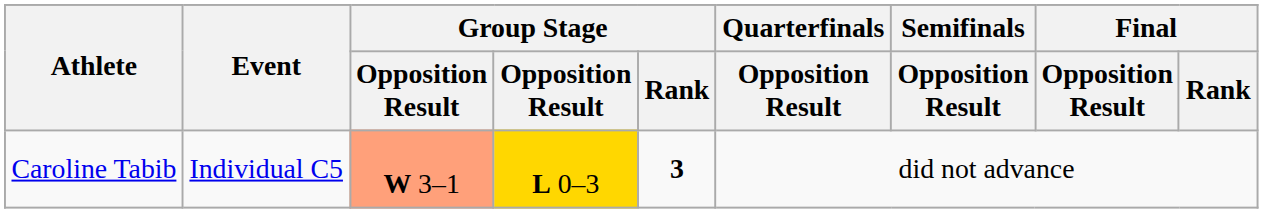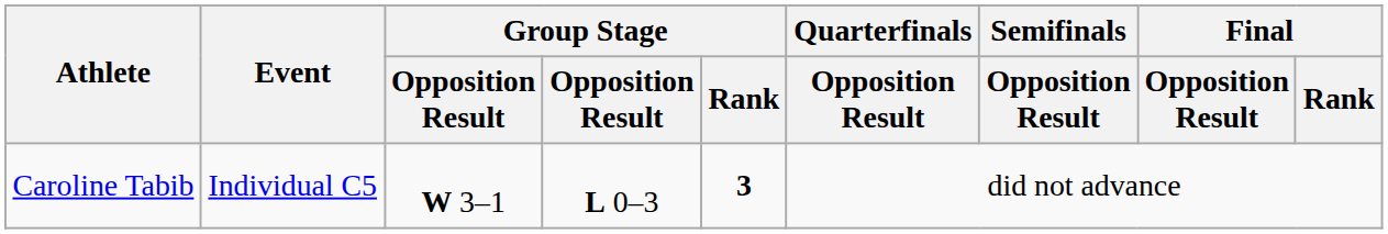 <table class=wikitable style="font-size:90%">
 <tr>
 <th rowspan="2">Athlete</th>
 <th rowspan="2">Event</th>
 <th colspan="3">Group Stage</th>
 <th>Quarterfinals</th>
 <th>Semifinals</th>
 <th colspan="2">Final</th>
 </tr>
 <tr>
 <th>Opposition<br>Result</th>
 <th>Opposition<br>Result</th>
 <th>Rank</th>
 <th>Opposition<br>Result</th>
 <th>Opposition<br>Result</th>
 <th>Opposition<br>Result</th>
 <th>Rank</th>
 </tr>
 <tr align=center>
 <td align=left><a href='#'>Caroline Tabib</a></td>
 <td align=left><a href='#'>Individual C5</a></td>
-<td style="background: lightsalmon;"><br><strong>W</strong> 3–1</td>
-<td style="background: gold;"><br><strong>L</strong> 0–3</td>
+<td><br><strong>W</strong> 3–1</td>
+<td><br><strong>L</strong> 0–3</td>
 <td><strong>3</strong></td>
 <td colspan=4>did not advance</td>
 </tr>
 </table>
